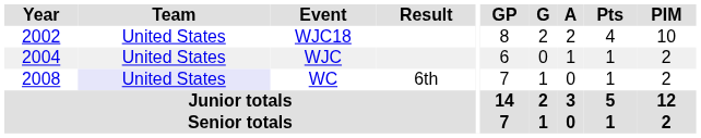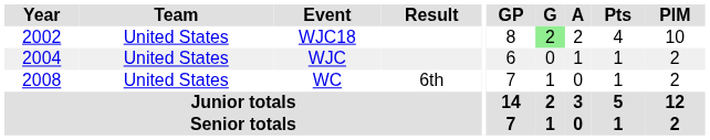 <table border="0" cellpadding="1" cellspacing="0" ID="Table3" style="text-align:center; width:40em">
 <tr ALIGN="center" bgcolor="#e0e0e0">
 <th>Year</th>
 <th>Team</th>
 <th>Event</th>
 <th>Result</th>
 <th rowspan="99" bgcolor="#ffffff"></th>
 <th>GP</th>
 <th>G</th>
 <th>A</th>
 <th>Pts</th>
 <th>PIM</th>
 </tr>
 <tr>
 <td><a href='#'>2002</a></td>
 <td><a href='#'>United States</a></td>
 <td><a href='#'>WJC18</a></td>
 <td></td>
 <td>8</td>
-<td>2</td>
+<td style="background: lightgreen;">2</td>
 <td>2</td>
 <td>4</td>
 <td>10</td>
 </tr>
 <tr bgcolor="#f0f0f0">
 <td><a href='#'>2004</a></td>
 <td><a href='#'>United States</a></td>
 <td><a href='#'>WJC</a></td>
 <td></td>
 <td>6</td>
 <td>0</td>
 <td>1</td>
 <td>1</td>
 <td>2</td>
 </tr>
 <tr>
 <td><a href='#'>2008</a></td>
-<td style="background: lavender;"><a href='#'>United States</a></td>
+<td><a href='#'>United States</a></td>
 <td><a href='#'>WC</a></td>
 <td>6th</td>
 <td>7</td>
 <td>1</td>
 <td>0</td>
 <td>1</td>
 <td>2</td>
 </tr>
 <tr bgcolor="#e0e0e0">
 <th colspan="4">Junior totals</th>
 <th>14</th>
 <th>2</th>
 <th>3</th>
 <th>5</th>
 <th>12</th>
 </tr>
 <tr bgcolor="#e0e0e0">
 <th colspan="4">Senior totals</th>
 <th>7</th>
 <th>1</th>
 <th>0</th>
 <th>1</th>
 <th>2</th>
 </tr>
 </table>
